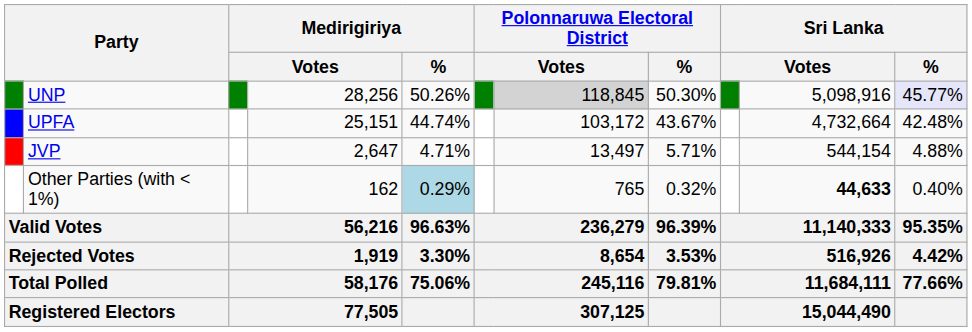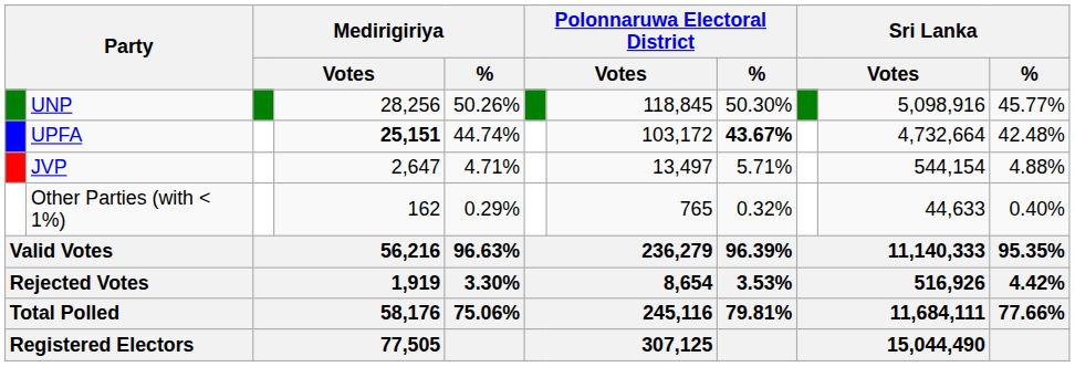 <table class="wikitable">
 <tr>
 <th colspan="2" width="144px"rowspan="2">Party</th>
 <th colspan="3" width="216px">Medirigiriya</th>
 <th colspan="3" width="216px"><a href='#'>Polonnaruwa Electoral District</a></th>
 <th colspan="3" width="216px">Sri Lanka</th>
 </tr>
 <tr>
 <th colspan="2" width="144px">Votes</th>
 <th>%</th>
 <th colspan="2" width="144px">Votes</th>
 <th>%</th>
 <th colspan="2" width="144px">Votes</th>
 <th>%</th>
 </tr>
 <tr>
 <td style="background-color:green;" width="10px"></td>
 <td style="text-align:left;"><a href='#'>UNP</a></td>
 <td style="background-color:green;" width="10px"></td>
 <td style="text-align:right;">28,256</td>
 <td style="text-align:right;">50.26%</td>
 <td style="background-color:green;" width="10px"></td>
-<td style="background: lightgrey; text-align:right;">118,845</td>
+<td style="text-align:right;">118,845</td>
 <td style="text-align:right;">50.30%</td>
 <td style="background-color:green;" width="10px"></td>
 <td style="text-align:right;">5,098,916</td>
-<td style="background: lavender; text-align:right;">45.77%</td>
+<td style="text-align:right;">45.77%</td>
 </tr>
 <tr>
 <td style="background-color:blue;" width="10px"></td>
 <td style="text-align:left;"><a href='#'>UPFA</a></td>
 <td style="background-color:white;" width="10px"></td>
-<td style="text-align:right;">25,151</td>
+<td style="text-align:right;"><strong>25,151</strong></td>
 <td style="text-align:right;">44.74%</td>
 <td style="background-color:white;" width="10px"></td>
 <td style="text-align:right;">103,172</td>
-<td style="text-align:right;">43.67%</td>
+<td style="text-align:right;"><strong>43.67%</strong></td>
 <td style="background-color:white;" width="10px"></td>
 <td style="text-align:right;">4,732,664</td>
 <td style="text-align:right;">42.48%</td>
 </tr>
 <tr>
 <td style="background-color:red;" width="10px"></td>
 <td style="text-align:left;"><a href='#'>JVP</a></td>
 <td style="background-color:white;" width="10px"></td>
 <td style="text-align:right;">2,647</td>
 <td style="text-align:right;">4.71%</td>
 <td style="background-color:white;" width="10px"></td>
 <td style="text-align:right;">13,497</td>
 <td style="text-align:right;">5.71%</td>
 <td style="background-color:white;" width="10px"></td>
 <td style="text-align:right;">544,154</td>
 <td style="text-align:right;">4.88%</td>
 </tr>
 <tr>
 <td style="background-color:white;" width="10px"></td>
 <td style="text-align:left;">Other Parties (with < 1%)</td>
 <td style="background-color:white;" width="10px"></td>
 <td style="text-align:right;">162</td>
-<td style="background: lightblue; text-align:right;">0.29%</td>
+<td style="text-align:right;">0.29%</td>
 <td style="background-color:white;" width="10px"></td>
 <td style="text-align:right;">765</td>
 <td style="text-align:right;">0.32%</td>
 <td style="background-color:white;" width="10px"></td>
-<td style="text-align:right;"><strong>44,633</strong></td>
+<td style="text-align:right;">44,633</td>
 <td style="text-align:right;">0.40%</td>
 </tr>
 <tr>
 <th colspan="2" width="144px"style="text-align:left;">Valid Votes</th>
 <th style="text-align:right;"colspan="2" width="144px">56,216</th>
 <th style="text-align:right;">96.63%</th>
 <th style="text-align:right;"colspan="2" width="144px">236,279</th>
 <th style="text-align:right;">96.39%</th>
 <th style="text-align:right;"colspan="2" width="144px">11,140,333</th>
 <th style="text-align:right;">95.35%</th>
 </tr>
 <tr>
 <th colspan="2" width="144px"style="text-align:left;">Rejected Votes</th>
 <th style="text-align:right;"colspan="2" width="144px">1,919</th>
 <th style="text-align:right;">3.30%</th>
 <th style="text-align:right;"colspan="2" width="144px">8,654</th>
 <th style="text-align:right;">3.53%</th>
 <th style="text-align:right;"colspan="2" width="144px">516,926</th>
 <th style="text-align:right;">4.42%</th>
 </tr>
 <tr>
 <th colspan="2" width="144px"style="text-align:left;">Total Polled</th>
 <th style="text-align:right;"colspan="2" width="144px">58,176</th>
 <th style="text-align:right;">75.06%</th>
 <th style="text-align:right;"colspan="2" width="144px">245,116</th>
 <th style="text-align:right;">79.81%</th>
 <th style="text-align:right;"colspan="2" width="144px">11,684,111</th>
 <th style="text-align:right;">77.66%</th>
 </tr>
 <tr>
 <th colspan="2" width="144px"style="text-align:left;">Registered Electors</th>
 <th style="text-align:right;"colspan="2" width="144px">77,505</th>
 <th></th>
 <th style="text-align:right;"colspan="2" width="144px">307,125</th>
 <th></th>
 <th style="text-align:right;"colspan="2" width="144px">15,044,490</th>
 <th></th>
 </tr>
 </table>
